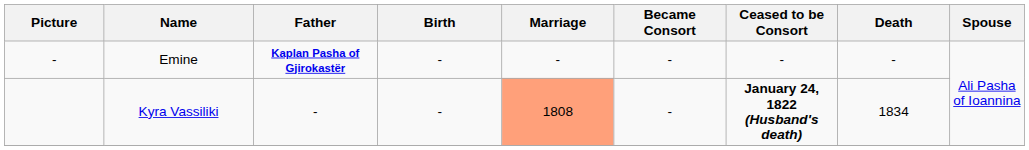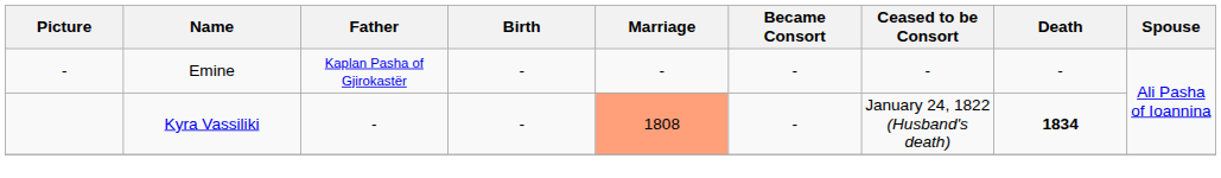 <table width=95% class="wikitable">
 <tr>
 <th width = "8%">Picture</th>
 <th width = "12%">Name</th>
 <th width = "10%">Father</th>
 <th width = "10%">Birth</th>
 <th width = "9%">Marriage</th>
 <th width = "9%">Became Consort</th>
 <th width = "9%">Ceased to be Consort</th>
 <th width = "9%">Death</th>
 <th width = "6%">Spouse</th>
 </tr>
 <tr>
 <td align="center">-</td>
 <td align="center">Emine</td>
-<td align=center><strong><small><a href='#'>Kaplan Pasha of Gjirokastër</a></small><br></strong></td>
+<td align=center><small><a href='#'>Kaplan Pasha of Gjirokastër</a></small><br></td>
 <td align="center">-</td>
 <td align="center">-</td>
 <td align="center">-</td>
 <td align="center">-</td>
 <td align="center">-</td>
 <td align="center" rowspan="2"><a href='#'>Ali Pasha of Ioannina</a></td>
 </tr>
 <tr>
 <td align="center"></td>
 <td align="center"><a href='#'>Kyra Vassiliki</a></td>
 <td align=center>-</td>
 <td align="center">-</td>
 <td align="center" style="background: lightsalmon;">1808</td>
 <td align="center">-</td>
-<td align="center"><strong>January 24, 1822 <br><em>(Husband's death)</em></strong></td>
-<td align="center">1834</td>
+<td align="center">January 24, 1822 <br><em>(Husband's death)</em></td>
+<td align="center"><strong>1834</strong></td>
 </tr>
 <tr>
 </tr>
 </table>
